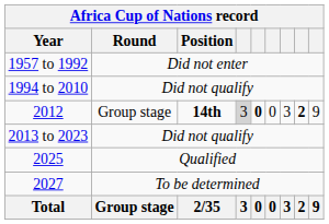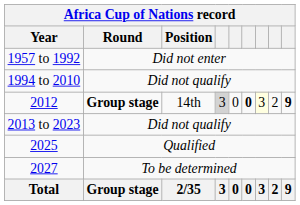 <table class="wikitable" style="text-align: center;">
 <tr>
 <th colspan=9><a href='#'>Africa Cup of Nations</a> record</th>
 </tr>
 <tr>
 <th>Year</th>
 <th>Round</th>
 <th>Position</th>
 <th></th>
 <th></th>
 <th></th>
 <th></th>
 <th></th>
 <th></th>
 </tr>
 <tr>
 <td> <a href='#'>1957</a> to  <a href='#'>1992</a></td>
 <td colspan=8><em>Did not enter</em></td>
 </tr>
 <tr>
 <td> <a href='#'>1994</a> to  <a href='#'>2010</a></td>
 <td colspan=8><em>Did not qualify</em></td>
 </tr>
 <tr>
 <td>  <a href='#'>2012</a></td>
-<td>Group stage</td>
-<td><strong>14th</strong></td>
+<td><strong>Group stage</strong></td>
+<td>14th</td>
 <td style="background: lightgrey;">3</td>
+<td>0</td>
 <td><strong>0</strong></td>
-<td>0</td>
-<td>3</td>
-<td><strong>2</strong></td>
-<td>9</td>
+<td style="background: lightyellow;">3</td>
+<td>2</td>
+<td><strong>9</strong></td>
 </tr>
 <tr>
 <td> <a href='#'>2013</a> to  <a href='#'>2023</a></td>
 <td colspan=8><em>Did not qualify</em></td>
 </tr>
 <tr>
 <td> <a href='#'>2025</a></td>
 <td colspan=8><em>Qualified</em></td>
 </tr>
 <tr>
 <td>   <a href='#'>2027</a></td>
 <td colspan=8><em>To be determined</em></td>
 </tr>
 <tr>
 <th><strong>Total</strong></th>
 <th><strong>Group stage</strong></th>
 <th><strong>2/35</strong></th>
 <th><strong>3</strong></th>
 <th><strong>0</strong></th>
 <th><strong>0</strong></th>
 <th><strong>3</strong></th>
 <th><strong>2</strong></th>
 <th><strong>9</strong></th>
 </tr>
 </table>
